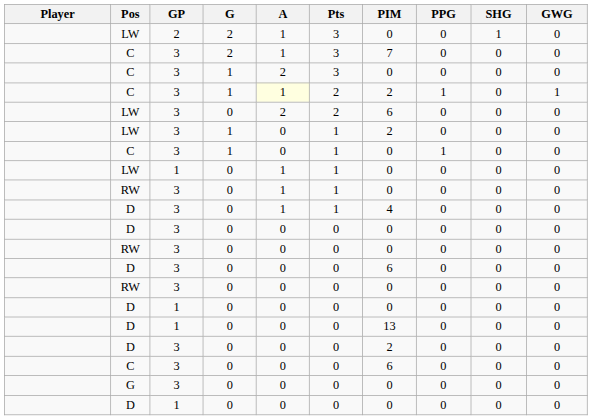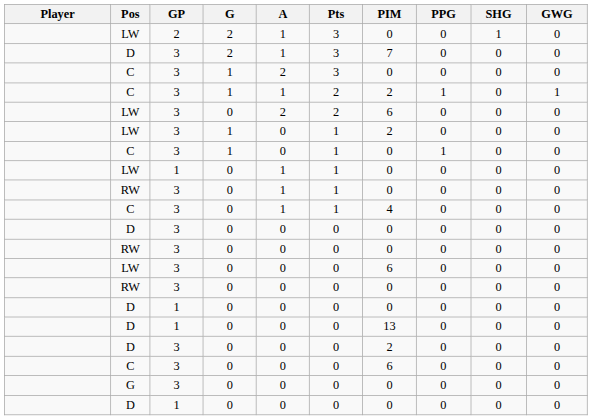 <table class="wikitable sortable" width="60%">
 <tr ALIGN="center">
 <th bgcolor="#DDDDFF" width="10%">Player</th>
 <th bgcolor="#DDDDFF" width="3%" title="Position">Pos</th>
 <th bgcolor="#DDDDFF" width="5%" title="Games played">GP</th>
 <th bgcolor="#DDDDFF" width="5%" title="Goals">G</th>
 <th bgcolor="#DDDDFF" width="5%" title="Assists">A</th>
 <th bgcolor="#DDDDFF" width="5%" title="Points">Pts</th>
 <th bgcolor="#DDDDFF" width="5%" title="Penalties in Minutes">PIM</th>
 <th bgcolor="#DDDDFF" width="5%" title="Power play goals">PPG</th>
 <th bgcolor="#DDDDFF" width="5%" title="Short-handed goals">SHG</th>
 <th bgcolor="#DDDDFF" width="5%" title="Game-winning goals">GWG</th>
 </tr>
 <tr align="center">
 <td align="right"></td>
 <td>LW</td>
 <td>2</td>
 <td>2</td>
 <td>1</td>
 <td>3</td>
 <td>0</td>
 <td>0</td>
 <td>1</td>
 <td>0</td>
 </tr>
 <tr align="center">
 <td align="right"></td>
-<td>C</td>
+<td>D</td>
 <td>3</td>
 <td>2</td>
 <td>1</td>
 <td>3</td>
 <td>7</td>
 <td>0</td>
 <td>0</td>
 <td>0</td>
 </tr>
 <tr align="center">
 <td align="right"></td>
 <td>C</td>
 <td>3</td>
 <td>1</td>
 <td>2</td>
 <td>3</td>
 <td>0</td>
 <td>0</td>
 <td>0</td>
 <td>0</td>
 </tr>
 <tr align="center">
 <td align="right"></td>
 <td>C</td>
 <td>3</td>
 <td>1</td>
-<td style="background: lightyellow;">1</td>
+<td>1</td>
 <td>2</td>
 <td>2</td>
 <td>1</td>
 <td>0</td>
 <td>1</td>
 </tr>
 <tr align="center">
 <td align="right"></td>
 <td>LW</td>
 <td>3</td>
 <td>0</td>
 <td>2</td>
 <td>2</td>
 <td>6</td>
 <td>0</td>
 <td>0</td>
 <td>0</td>
 </tr>
 <tr align="center">
 <td align="right"></td>
 <td>LW</td>
 <td>3</td>
 <td>1</td>
 <td>0</td>
 <td>1</td>
 <td>2</td>
 <td>0</td>
 <td>0</td>
 <td>0</td>
 </tr>
 <tr align="center">
 <td align="right"></td>
 <td>C</td>
 <td>3</td>
 <td>1</td>
 <td>0</td>
 <td>1</td>
 <td>0</td>
 <td>1</td>
 <td>0</td>
 <td>0</td>
 </tr>
 <tr align="center">
 <td align="right"></td>
 <td>LW</td>
 <td>1</td>
 <td>0</td>
 <td>1</td>
 <td>1</td>
 <td>0</td>
 <td>0</td>
 <td>0</td>
 <td>0</td>
 </tr>
 <tr align="center">
 <td align="right"></td>
 <td>RW</td>
 <td>3</td>
 <td>0</td>
 <td>1</td>
 <td>1</td>
 <td>0</td>
 <td>0</td>
 <td>0</td>
 <td>0</td>
 </tr>
 <tr align="center">
 <td align="right"></td>
-<td>D</td>
+<td>C</td>
 <td>3</td>
 <td>0</td>
 <td>1</td>
 <td>1</td>
 <td>4</td>
 <td>0</td>
 <td>0</td>
 <td>0</td>
 </tr>
 <tr align="center">
 <td align="right"></td>
 <td>D</td>
 <td>3</td>
 <td>0</td>
 <td>0</td>
 <td>0</td>
 <td>0</td>
 <td>0</td>
 <td>0</td>
 <td>0</td>
 </tr>
 <tr align="center">
 <td align="right"></td>
 <td>RW</td>
 <td>3</td>
 <td>0</td>
 <td>0</td>
 <td>0</td>
 <td>0</td>
 <td>0</td>
 <td>0</td>
 <td>0</td>
 </tr>
 <tr align="center">
 <td align="right"></td>
-<td>D</td>
+<td>LW</td>
 <td>3</td>
 <td>0</td>
 <td>0</td>
 <td>0</td>
 <td>6</td>
 <td>0</td>
 <td>0</td>
 <td>0</td>
 </tr>
 <tr align="center">
 <td align="right"></td>
 <td>RW</td>
 <td>3</td>
 <td>0</td>
 <td>0</td>
 <td>0</td>
 <td>0</td>
 <td>0</td>
 <td>0</td>
 <td>0</td>
 </tr>
 <tr align="center">
 <td align="right"></td>
 <td>D</td>
 <td>1</td>
 <td>0</td>
 <td>0</td>
 <td>0</td>
 <td>0</td>
 <td>0</td>
 <td>0</td>
 <td>0</td>
 </tr>
 <tr align="center">
 <td align="right"></td>
 <td>D</td>
 <td>1</td>
 <td>0</td>
 <td>0</td>
 <td>0</td>
 <td>13</td>
 <td>0</td>
 <td>0</td>
 <td>0</td>
 </tr>
 <tr align="center">
 <td align="right"></td>
 <td>D</td>
 <td>3</td>
 <td>0</td>
 <td>0</td>
 <td>0</td>
 <td>2</td>
 <td>0</td>
 <td>0</td>
 <td>0</td>
 </tr>
 <tr align="center">
 <td align="right"></td>
 <td>C</td>
 <td>3</td>
 <td>0</td>
 <td>0</td>
 <td>0</td>
 <td>6</td>
 <td>0</td>
 <td>0</td>
 <td>0</td>
 </tr>
 <tr align="center">
 <td align="right"></td>
 <td>G</td>
 <td>3</td>
 <td>0</td>
 <td>0</td>
 <td>0</td>
 <td>0</td>
 <td>0</td>
 <td>0</td>
 <td>0</td>
 </tr>
 <tr align="center">
 <td align="right"></td>
 <td>D</td>
 <td>1</td>
 <td>0</td>
 <td>0</td>
 <td>0</td>
 <td>0</td>
 <td>0</td>
 <td>0</td>
 <td>0</td>
 </tr>
 </table>
